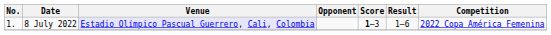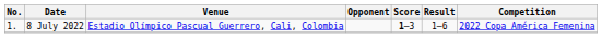 <table class="wikitable">
 <tr>
 <th>No.</th>
 <th>Date</th>
 <th>Venue</th>
 <th>Opponent</th>
 <th>Score</th>
 <th>Result</th>
 <th>Competition</th>
 </tr>
 <tr>
 <td>1.</td>
 <td>8 July 2022</td>
-<td style="background: lavender;"><a href='#'>Estadio Olímpico Pascual Guerrero</a>, <a href='#'>Cali</a>, <a href='#'>Colombia</a></td>
+<td><a href='#'>Estadio Olímpico Pascual Guerrero</a>, <a href='#'>Cali</a>, <a href='#'>Colombia</a></td>
 <td></td>
 <td align=center><strong>1</strong>–3</td>
 <td align=center>1–6</td>
 <td><a href='#'>2022 Copa América Femenina</a></td>
 </tr>
 <tr>
 </tr>
 </table>
